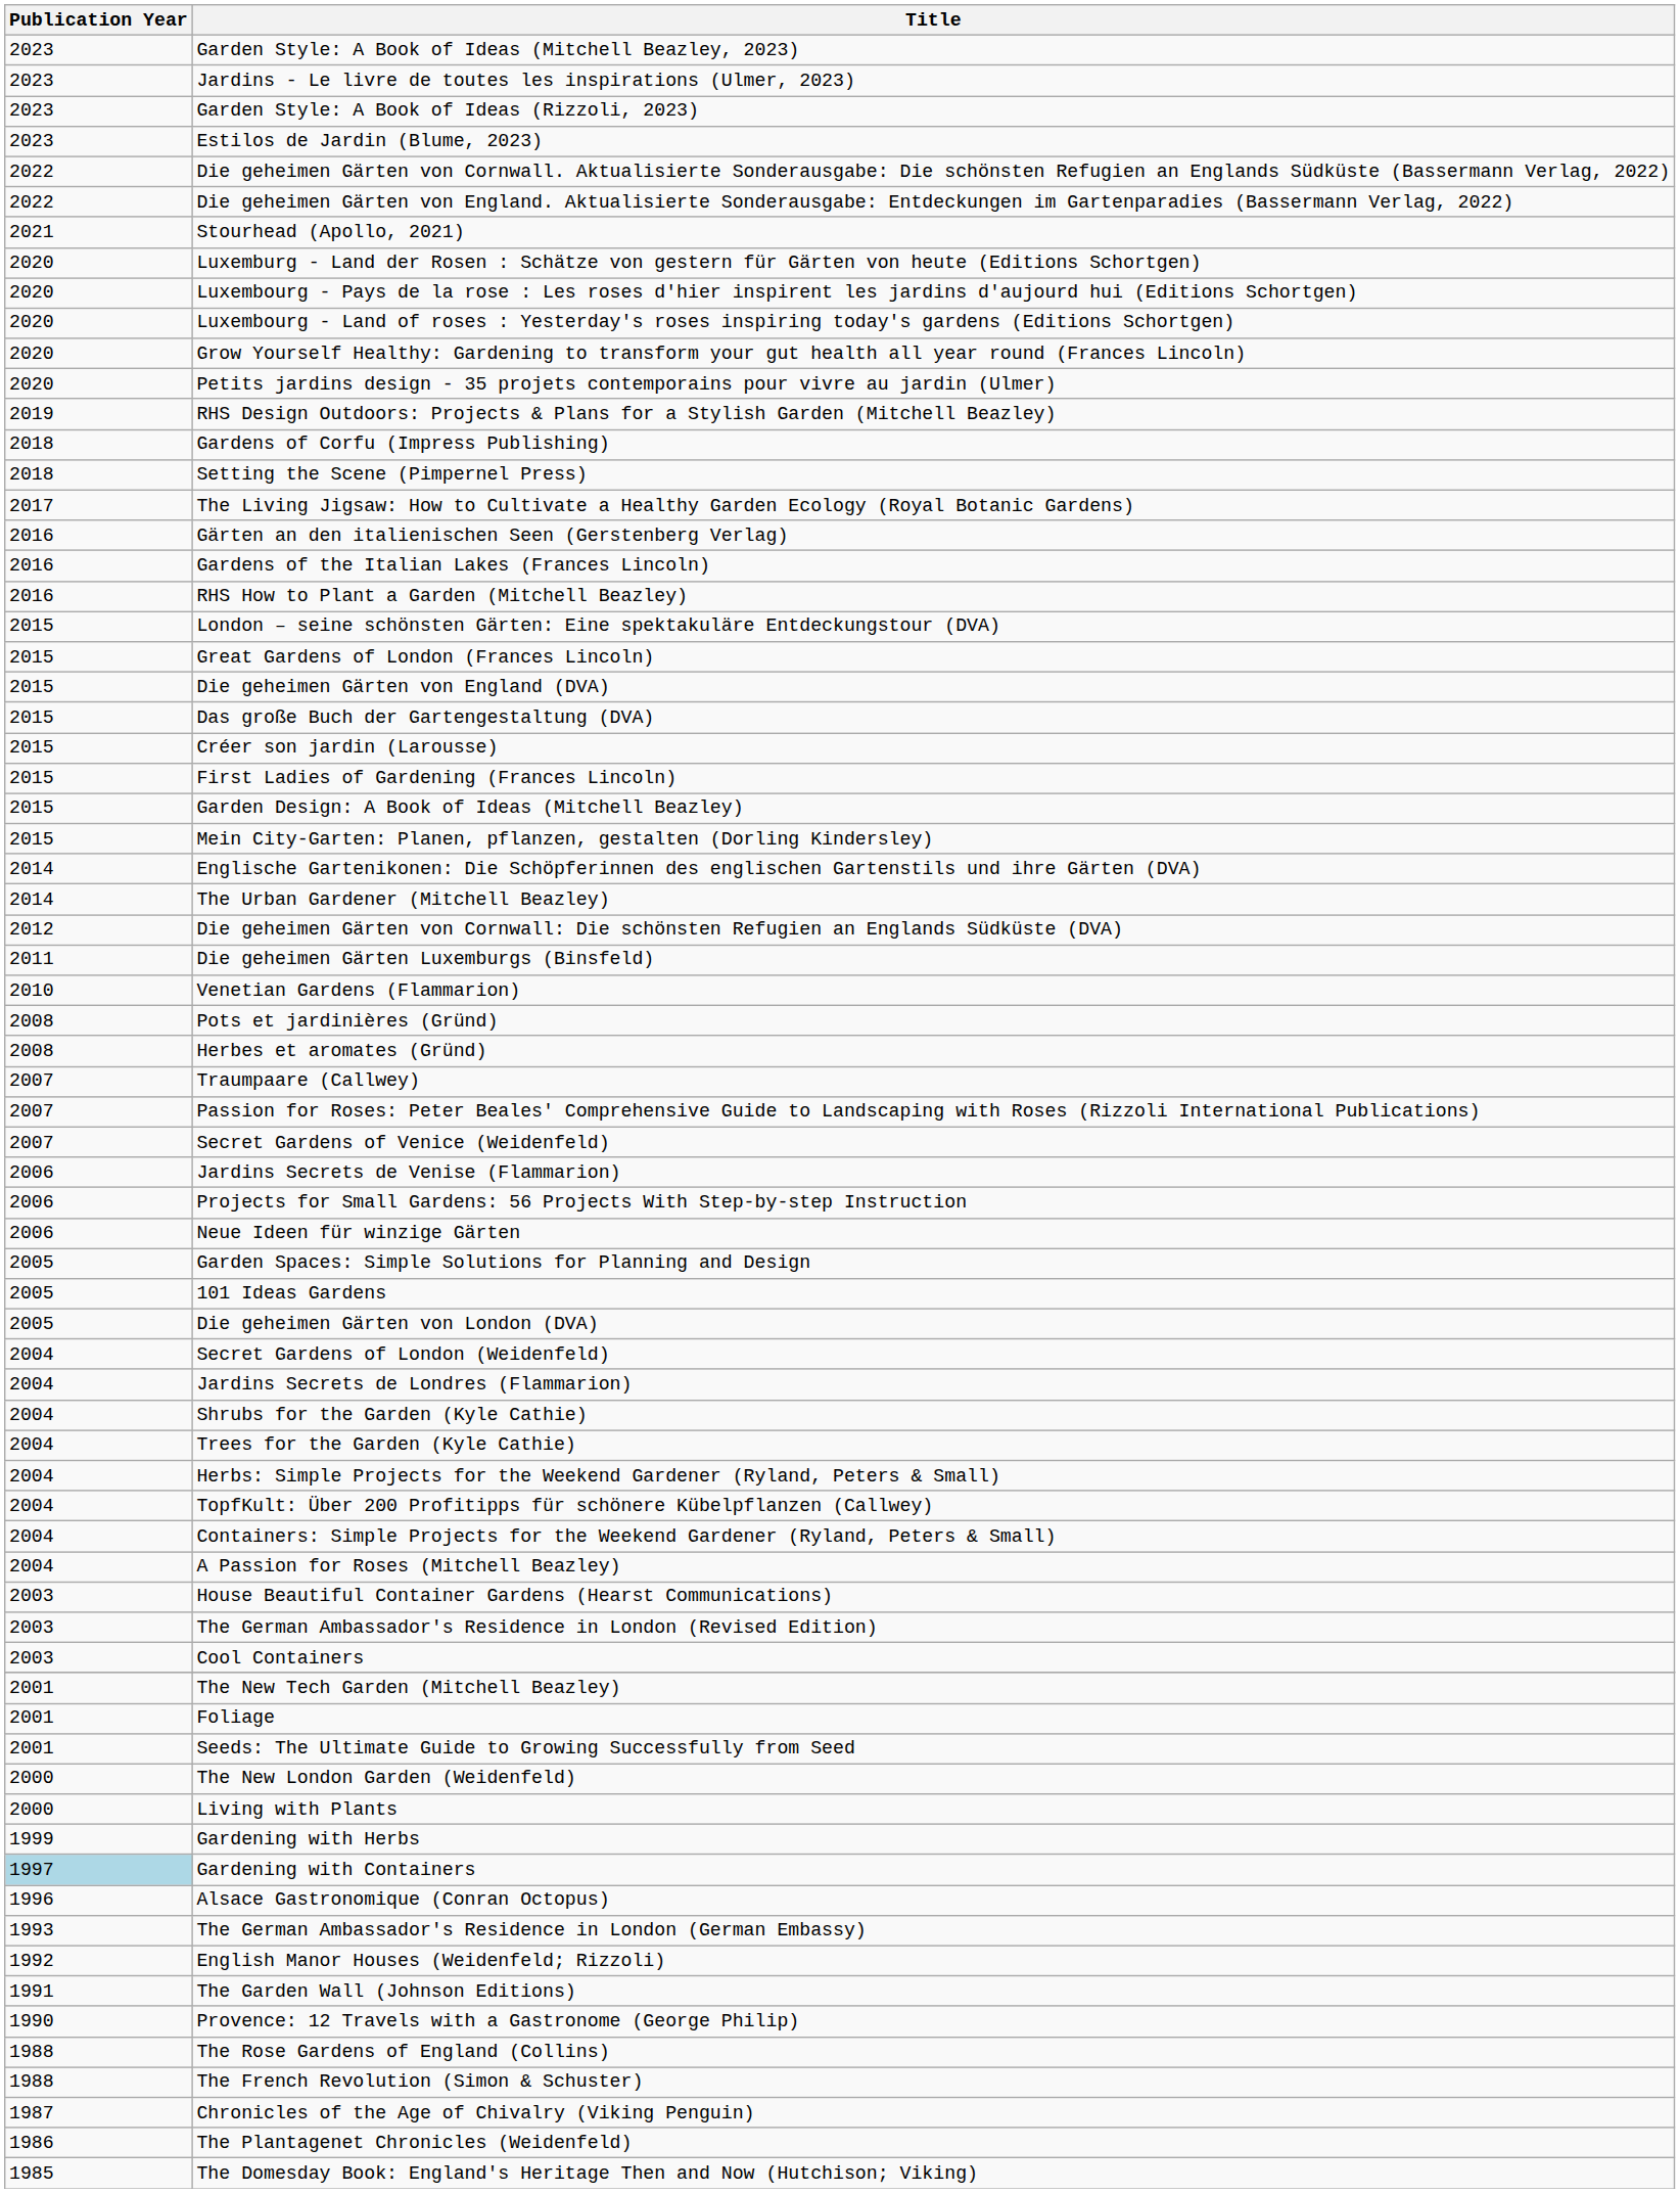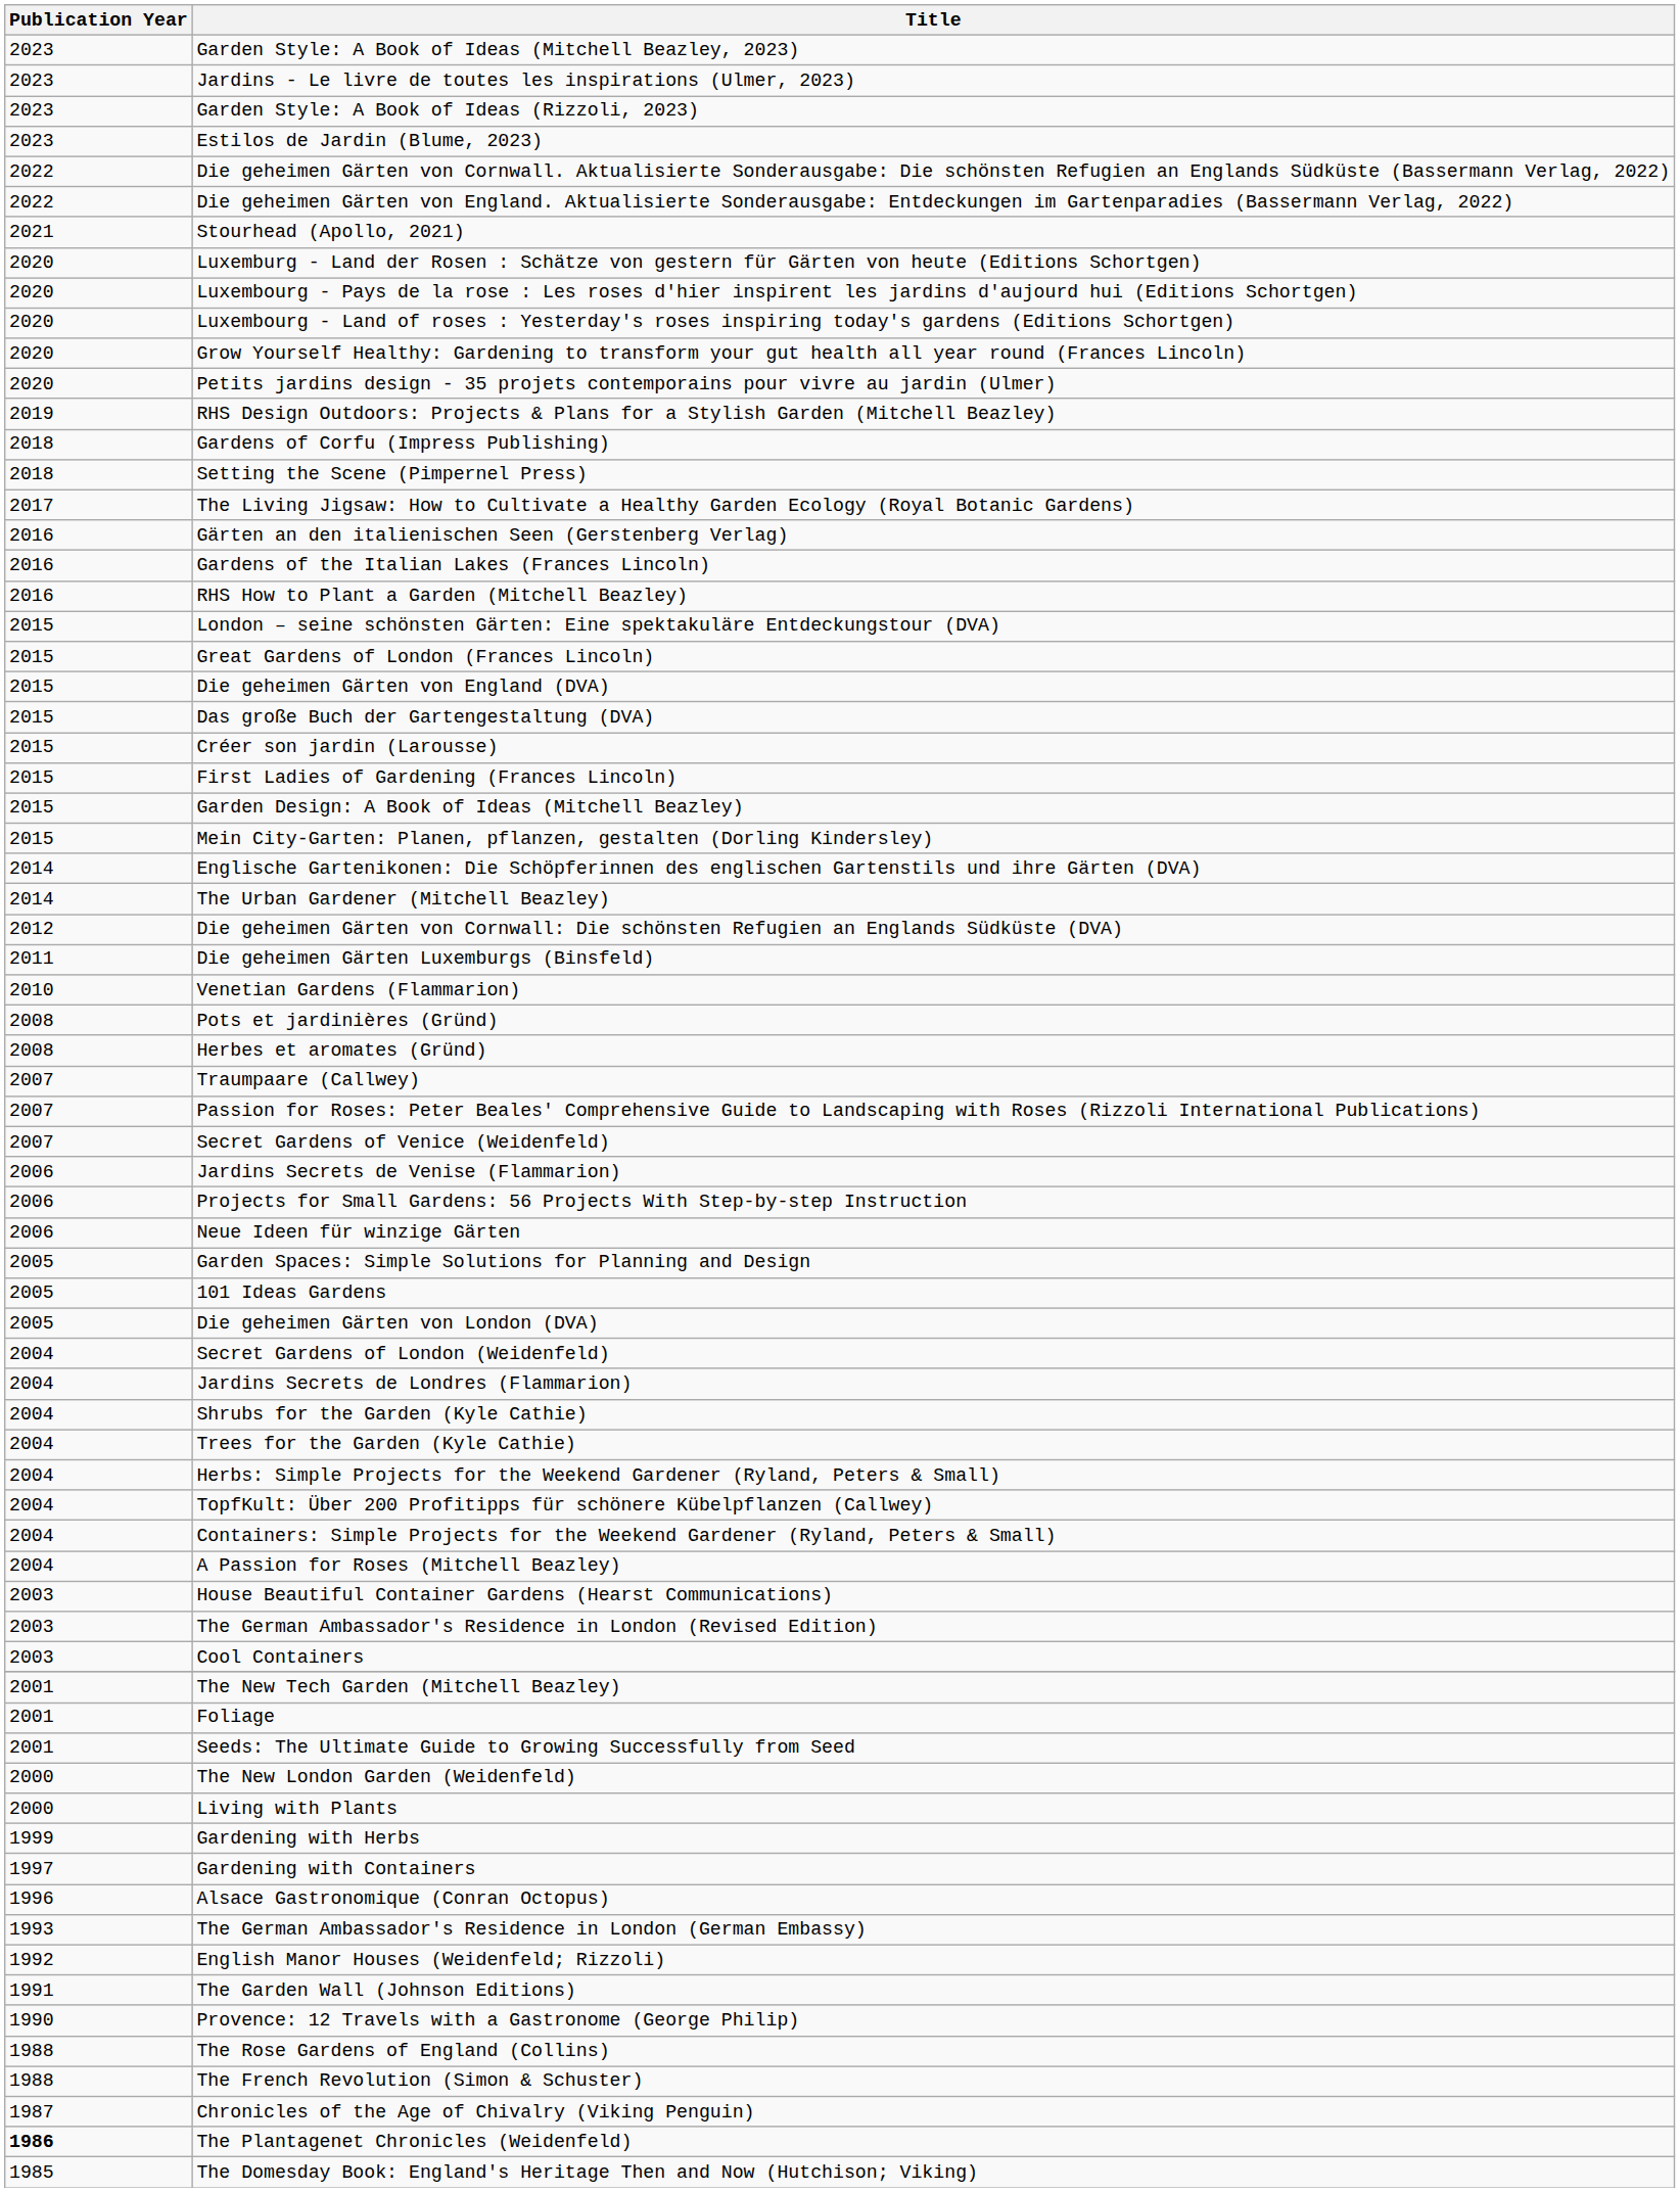 <table class="wikitable sortable">
 <tr>
 <th>Publication Year</th>
 <th>Title</th>
 </tr>
 <tr>
 <td>2023</td>
 <td>Garden Style: A Book of Ideas (Mitchell Beazley, 2023)</td>
 </tr>
 <tr>
 <td>2023</td>
 <td>Jardins - Le livre de toutes les inspirations (Ulmer, 2023)</td>
 </tr>
 <tr>
 <td>2023</td>
 <td>Garden Style: A Book of Ideas (Rizzoli, 2023)</td>
 </tr>
 <tr>
 <td>2023</td>
 <td>Estilos de Jardin (Blume, 2023)</td>
 </tr>
 <tr>
 <td>2022</td>
 <td>Die geheimen Gärten von Cornwall. Aktualisierte Sonderausgabe: Die schönsten Refugien an Englands Südküste (Bassermann Verlag, 2022)</td>
 </tr>
 <tr>
 <td>2022</td>
 <td>Die geheimen Gärten von England. Aktualisierte Sonderausgabe: Entdeckungen im Gartenparadies (Bassermann Verlag, 2022)</td>
 </tr>
 <tr>
 <td>2021</td>
 <td>Stourhead (Apollo, 2021)</td>
 </tr>
 <tr>
 <td>2020</td>
 <td>Luxemburg - Land der Rosen : Schätze von gestern für Gärten von heute (Editions Schortgen)</td>
 </tr>
 <tr>
 <td>2020</td>
 <td>Luxembourg - Pays de la rose : Les roses d'hier inspirent les jardins d'aujourd hui (Editions Schortgen)</td>
 </tr>
 <tr>
 <td>2020</td>
 <td>Luxembourg - Land of roses : Yesterday's roses inspiring today's gardens (Editions Schortgen)</td>
 </tr>
 <tr>
 <td>2020</td>
 <td>Grow Yourself Healthy: Gardening to transform your gut health all year round (Frances Lincoln)</td>
 </tr>
 <tr>
 <td>2020</td>
 <td>Petits jardins design - 35 projets contemporains pour vivre au jardin (Ulmer)</td>
 </tr>
 <tr>
 <td>2019</td>
 <td>RHS Design Outdoors: Projects & Plans for a Stylish Garden (Mitchell Beazley)</td>
 </tr>
 <tr>
 <td>2018</td>
 <td>Gardens of Corfu (Impress Publishing)</td>
 </tr>
 <tr>
 <td>2018</td>
 <td>Setting the Scene (Pimpernel Press)</td>
 </tr>
 <tr>
 <td>2017</td>
 <td>The Living Jigsaw: How to Cultivate a Healthy Garden Ecology (Royal Botanic Gardens)</td>
 </tr>
 <tr>
 <td>2016</td>
 <td>Gärten an den italienischen Seen (Gerstenberg Verlag)</td>
 </tr>
 <tr>
 <td>2016</td>
 <td>Gardens of the Italian Lakes (Frances Lincoln)</td>
 </tr>
 <tr>
 <td>2016</td>
 <td>RHS How to Plant a Garden (Mitchell Beazley)</td>
 </tr>
 <tr>
 <td>2015</td>
 <td>London – seine schönsten Gärten: Eine spektakuläre Entdeckungstour (DVA)</td>
 </tr>
 <tr>
 <td>2015</td>
 <td>Great Gardens of London (Frances Lincoln)</td>
 </tr>
 <tr>
 <td>2015</td>
 <td>Die geheimen Gärten von England (DVA)</td>
 </tr>
 <tr>
 <td>2015</td>
 <td>Das große Buch der Gartengestaltung (DVA)</td>
 </tr>
 <tr>
 <td>2015</td>
 <td>Créer son jardin (Larousse)</td>
 </tr>
 <tr>
 <td>2015</td>
 <td>First Ladies of Gardening (Frances Lincoln)</td>
 </tr>
 <tr>
 <td>2015</td>
 <td>Garden Design: A Book of Ideas (Mitchell Beazley)</td>
 </tr>
 <tr>
 <td>2015</td>
 <td>Mein City-Garten: Planen, pflanzen, gestalten (Dorling Kindersley)</td>
 </tr>
 <tr>
 <td>2014</td>
 <td>Englische Gartenikonen: Die Schöpferinnen des englischen Gartenstils und ihre Gärten (DVA)</td>
 </tr>
 <tr>
 <td>2014</td>
 <td>The Urban Gardener (Mitchell Beazley)</td>
 </tr>
 <tr>
 <td>2012</td>
 <td>Die geheimen Gärten von Cornwall: Die schönsten Refugien an Englands Südküste (DVA)</td>
 </tr>
 <tr>
 <td>2011</td>
 <td>Die geheimen Gärten Luxemburgs (Binsfeld)</td>
 </tr>
 <tr>
 <td>2010</td>
 <td>Venetian Gardens (Flammarion)</td>
 </tr>
 <tr>
 <td>2008</td>
 <td>Pots et jardinières (Gründ)</td>
 </tr>
 <tr>
 <td>2008</td>
 <td>Herbes et aromates (Gründ)</td>
 </tr>
 <tr>
 <td>2007</td>
 <td>Traumpaare (Callwey)</td>
 </tr>
 <tr>
 <td>2007</td>
 <td>Passion for Roses: Peter Beales' Comprehensive Guide to Landscaping with Roses (Rizzoli International Publications)</td>
 </tr>
 <tr>
 <td>2007</td>
 <td>Secret Gardens of Venice (Weidenfeld)</td>
 </tr>
 <tr>
 <td>2006</td>
 <td>Jardins Secrets de Venise (Flammarion)</td>
 </tr>
 <tr>
 <td>2006</td>
 <td>Projects for Small Gardens: 56 Projects With Step-by-step Instruction</td>
 </tr>
 <tr>
 <td>2006</td>
 <td>Neue Ideen für winzige Gärten</td>
 </tr>
 <tr>
 <td>2005</td>
 <td>Garden Spaces: Simple Solutions for Planning and Design</td>
 </tr>
 <tr>
 <td>2005</td>
 <td>101 Ideas Gardens</td>
 </tr>
 <tr>
 <td>2005</td>
 <td>Die geheimen Gärten von London (DVA)</td>
 </tr>
 <tr>
 <td>2004</td>
 <td>Secret Gardens of London (Weidenfeld)</td>
 </tr>
 <tr>
 <td>2004</td>
 <td>Jardins Secrets de Londres (Flammarion)</td>
 </tr>
 <tr>
 <td>2004</td>
 <td>Shrubs for the Garden (Kyle Cathie)</td>
 </tr>
 <tr>
 <td>2004</td>
 <td>Trees for the Garden (Kyle Cathie)</td>
 </tr>
 <tr>
 <td>2004</td>
 <td>Herbs: Simple Projects for the Weekend Gardener (Ryland, Peters & Small)</td>
 </tr>
 <tr>
 <td>2004</td>
 <td>TopfKult: Über 200 Profitipps für schönere Kübelpflanzen (Callwey)</td>
 </tr>
 <tr>
 <td>2004</td>
 <td>Containers: Simple Projects for the Weekend Gardener (Ryland, Peters & Small)</td>
 </tr>
 <tr>
 <td>2004</td>
 <td>A Passion for Roses (Mitchell Beazley)</td>
 </tr>
 <tr>
 <td>2003</td>
 <td>House Beautiful Container Gardens (Hearst Communications)</td>
 </tr>
 <tr>
 <td>2003</td>
 <td>The German Ambassador's Residence in London (Revised Edition)</td>
 </tr>
 <tr>
 <td>2003</td>
 <td>Cool Containers</td>
 </tr>
 <tr>
 </tr>
 <tr 2003 || Topfkult>
 </tr>
 <tr>
 </tr>
 <tr 2002 || Projects for Small Gardens (Ryland, Peters & Small)>
 </tr>
 <tr>
 <td>2001</td>
 <td>The New Tech Garden (Mitchell Beazley)</td>
 </tr>
 <tr>
 <td>2001</td>
 <td>Foliage</td>
 </tr>
 <tr>
 <td>2001</td>
 <td>Seeds: The Ultimate Guide to Growing Successfully from Seed</td>
 </tr>
 <tr>
 <td>2000</td>
 <td>The New London Garden (Weidenfeld)</td>
 </tr>
 <tr>
 <td>2000</td>
 <td>Living with Plants</td>
 </tr>
 <tr>
 <td>1999</td>
 <td>Gardening with Herbs</td>
 </tr>
 <tr>
-<td style="background: lightblue;">1997</td>
+<td>1997</td>
 <td>Gardening with Containers</td>
 </tr>
 <tr>
 <td>1996</td>
 <td>Alsace Gastronomique (Conran Octopus)</td>
 </tr>
 <tr>
 <td>1993</td>
 <td>The German Ambassador's Residence in London (German Embassy)</td>
 </tr>
 <tr>
 <td>1992</td>
 <td>English Manor Houses (Weidenfeld; Rizzoli)</td>
 </tr>
 <tr>
 <td>1991</td>
 <td>The Garden Wall (Johnson Editions)</td>
 </tr>
 <tr>
 <td>1990</td>
 <td>Provence: 12 Travels with a Gastronome (George Philip)</td>
 </tr>
 <tr>
 <td>1988</td>
 <td>The Rose Gardens of England (Collins)</td>
 </tr>
 <tr>
 <td>1988</td>
 <td>The French Revolution (Simon & Schuster)</td>
 </tr>
 <tr>
 <td>1987</td>
 <td>Chronicles of the Age of Chivalry (Viking Penguin)</td>
 </tr>
 <tr>
-<td>1986</td>
+<td><strong>1986</strong></td>
 <td>The Plantagenet Chronicles (Weidenfeld)</td>
 </tr>
 <tr>
 <td>1985</td>
 <td>The Domesday Book: England's Heritage Then and Now (Hutchison; Viking)</td>
 </tr>
 </table>
